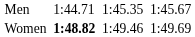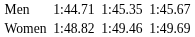 <table>
 <tr>
 <td>Men</td>
 <td></td>
 <td>1:44.71</td>
 <td></td>
 <td>1:45.35</td>
 <td></td>
 <td>1:45.67</td>
 </tr>
 <tr>
 <td>Women</td>
 <td></td>
-<td><strong>1:48.82</strong></td>
+<td>1:48.82</td>
 <td></td>
 <td>1:49.46</td>
 <td></td>
 <td>1:49.69</td>
 </tr>
 </table>
